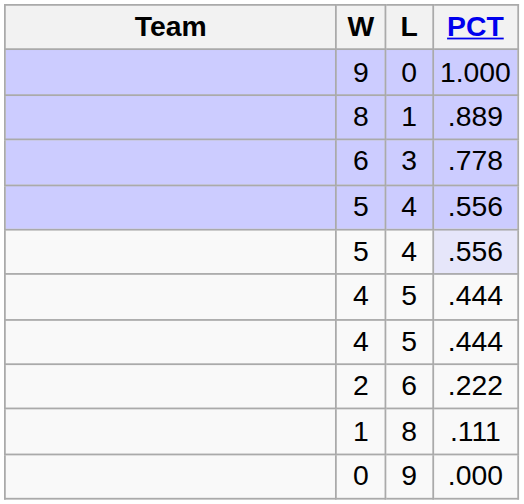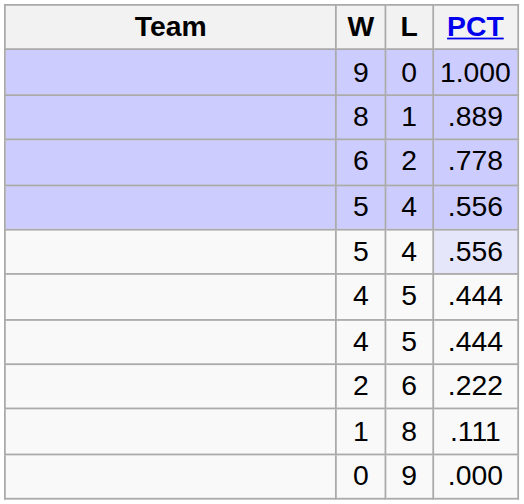 <table class="wikitable" style="text-align:center">
 <tr>
 <th width=180px>Team</th>
 <th width=20px>W</th>
 <th width=20px>L</th>
 <th width=30px><a href='#'>PCT</a></th>
 </tr>
 <tr bgcolor=#CCCCFF>
 <td align=left></td>
 <td>9</td>
 <td>0</td>
 <td>1.000</td>
 </tr>
 <tr bgcolor=#CCCCFF>
 <td align=left><strong></strong></td>
 <td>8</td>
 <td>1</td>
 <td>.889</td>
 </tr>
 <tr bgcolor=#CCCCFF>
 <td align=left></td>
 <td>6</td>
-<td>3</td>
+<td>2</td>
 <td>.778</td>
 </tr>
 <tr bgcolor=#CCCCFF>
 <td align=left></td>
 <td>5</td>
 <td>4</td>
 <td>.556</td>
 </tr>
 <tr>
 <td align=left></td>
 <td>5</td>
 <td>4</td>
 <td style="background: lavender;">.556</td>
 </tr>
 <tr>
 <td align=left></td>
 <td>4</td>
 <td>5</td>
 <td>.444</td>
 </tr>
 <tr>
 <td align=left></td>
 <td>4</td>
 <td>5</td>
 <td>.444</td>
 </tr>
 <tr>
 <td align=left></td>
 <td>2</td>
 <td>6</td>
 <td>.222</td>
 </tr>
 <tr>
 <td align=left><em></em></td>
 <td>1</td>
 <td>8</td>
 <td>.111</td>
 </tr>
 <tr>
 <td align=left></td>
 <td>0</td>
 <td>9</td>
 <td>.000</td>
 </tr>
 </table>
